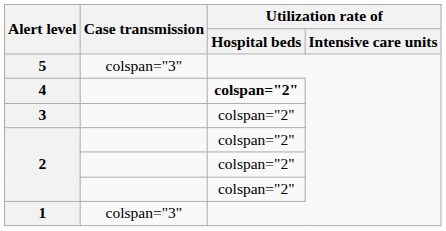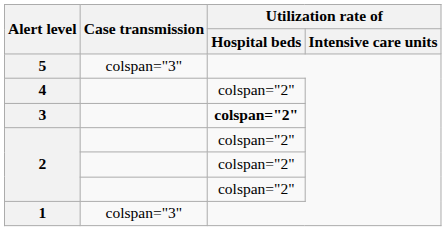 <table class="wikitable" style="text-align:center;">
 <tr>
 <th rowspan="2">Alert level</th>
 <th rowspan="2">Case transmission</th>
 <th colspan="2">Utilization rate of</th>
 </tr>
 <tr>
 <th>Hospital beds</th>
 <th>Intensive care units</th>
 </tr>
 <tr>
 <th scope="col">5</th>
 <td>colspan="3" </td>
 </tr>
 <tr>
 <th scope="col">4</th>
 <td></td>
-<td><strong>colspan="2" </strong></td>
+<td>colspan="2" </td>
 </tr>
 <tr>
 <th scope="col">3</th>
 <td></td>
-<td>colspan="2" </td>
+<td><strong>colspan="2" </strong></td>
 </tr>
 <tr>
 <th scope="col" rowspan="3">2</th>
 <td></td>
 <td>colspan="2" </td>
 </tr>
 <tr>
 <td></td>
 <td>colspan="2" </td>
 </tr>
 <tr>
 <td></td>
 <td>colspan="2" </td>
 </tr>
 <tr>
 <th scope="col">1</th>
 <td>colspan="3" </td>
 </tr>
 </table>
